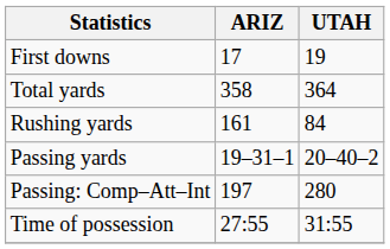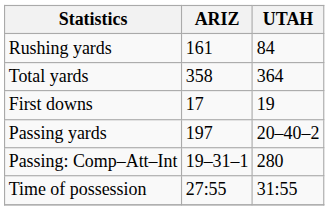 <table class="wikitable" style="float: left;">
 <tr>
 <th>Statistics</th>
 <th>ARIZ</th>
 <th>UTAH</th>
 </tr>
 <tr>
-<td>First downs</td>
-<td>17</td>
-<td>19</td>
+<td>Rushing yards</td>
+<td>161</td>
+<td>84</td>
 </tr>
 <tr>
 <td>Total yards</td>
 <td>358</td>
 <td>364</td>
 </tr>
 <tr>
-<td>Rushing yards</td>
-<td>161</td>
-<td>84</td>
+<td>First downs</td>
+<td>17</td>
+<td>19</td>
 </tr>
 <tr>
 <td>Passing yards</td>
-<td>19–31–1</td>
+<td>197</td>
 <td>20–40–2</td>
 </tr>
 <tr>
 <td>Passing: Comp–Att–Int</td>
-<td>197</td>
+<td>19–31–1</td>
 <td>280</td>
 </tr>
 <tr>
 <td>Time of possession</td>
 <td>27:55</td>
 <td>31:55</td>
 </tr>
 <tr>
 </tr>
 </table>
